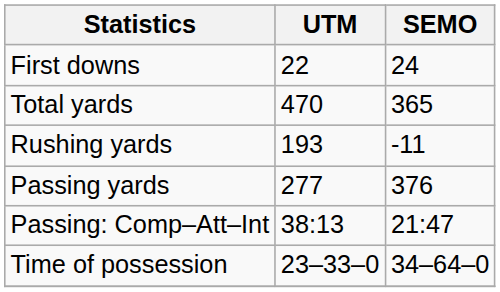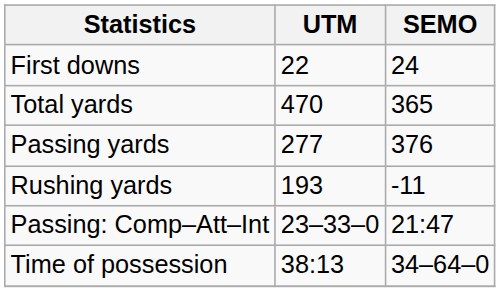 <table class="wikitable" style="float: left;">
 <tr>
 <th>Statistics</th>
 <th>UTM</th>
 <th>SEMO</th>
 </tr>
 <tr>
 <td>First downs</td>
 <td>22</td>
 <td>24</td>
 </tr>
 <tr>
 <td>Total yards</td>
 <td>470</td>
 <td>365</td>
 </tr>
 <tr>
+<td>Passing yards</td>
+<td>277</td>
+<td>376</td>
+</tr>
+<tr>
 <td>Rushing yards</td>
 <td>193</td>
 <td>-11</td>
 </tr>
 <tr>
-<td>Passing yards</td>
-<td>277</td>
-<td>376</td>
-</tr>
-<tr>
 <td>Passing: Comp–Att–Int</td>
-<td>38:13</td>
+<td>23–33–0</td>
 <td>21:47</td>
 </tr>
 <tr>
 <td>Time of possession</td>
-<td>23–33–0</td>
+<td>38:13</td>
 <td>34–64–0</td>
 </tr>
 <tr>
 </tr>
 </table>
